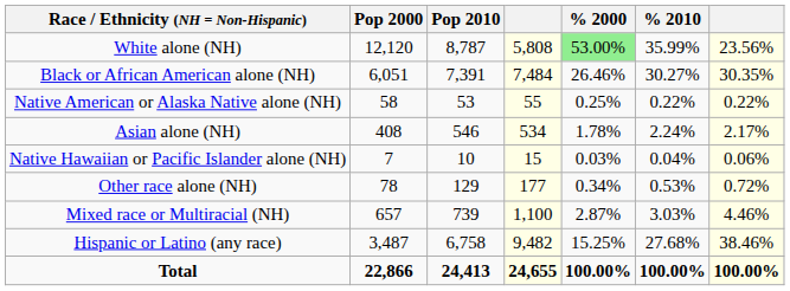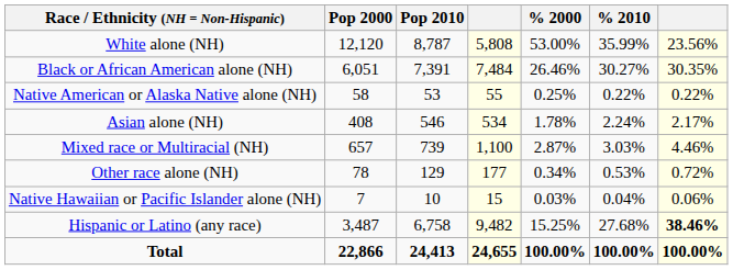 <table class="wikitable" style="text-align:center;">
 <tr>
 <th>Race / Ethnicity <small>(<em>NH = Non-Hispanic</em>)</small></th>
 <th>Pop 2000</th>
 <th>Pop 2010</th>
 <th></th>
 <th>% 2000</th>
 <th>% 2010</th>
 <th></th>
 </tr>
 <tr>
 <td><a href='#'>White</a> alone (NH)</td>
 <td>12,120</td>
 <td>8,787</td>
 <td style='background: #ffffe6;'>5,808</td>
-<td style="background: lightgreen;">53.00%</td>
+<td>53.00%</td>
 <td>35.99%</td>
 <td style='background: #ffffe6;'>23.56%</td>
 </tr>
 <tr>
 <td><a href='#'>Black or African American</a> alone (NH)</td>
 <td>6,051</td>
 <td>7,391</td>
 <td style='background: #ffffe6;'>7,484</td>
 <td>26.46%</td>
 <td>30.27%</td>
 <td style='background: #ffffe6;'>30.35%</td>
 </tr>
 <tr>
 <td><a href='#'>Native American</a> or <a href='#'>Alaska Native</a> alone (NH)</td>
 <td>58</td>
 <td>53</td>
 <td style='background: #ffffe6;'>55</td>
 <td>0.25%</td>
 <td>0.22%</td>
 <td style='background: #ffffe6;'>0.22%</td>
 </tr>
 <tr>
 <td><a href='#'>Asian</a> alone (NH)</td>
 <td>408</td>
 <td>546</td>
 <td style='background: #ffffe6;'>534</td>
 <td>1.78%</td>
 <td>2.24%</td>
 <td style='background: #ffffe6;'>2.17%</td>
 </tr>
 <tr>
-<td><a href='#'>Native Hawaiian</a> or <a href='#'>Pacific Islander</a> alone (NH)</td>
-<td>7</td>
-<td>10</td>
-<td style='background: #ffffe6;'>15</td>
-<td>0.03%</td>
-<td>0.04%</td>
-<td style='background: #ffffe6;'>0.06%</td>
+<td><a href='#'>Mixed race or Multiracial</a> (NH)</td>
+<td>657</td>
+<td>739</td>
+<td style='background: #ffffe6;'>1,100</td>
+<td>2.87%</td>
+<td>3.03%</td>
+<td style='background: #ffffe6;'>4.46%</td>
 </tr>
 <tr>
 <td><a href='#'>Other race</a> alone (NH)</td>
 <td>78</td>
 <td>129</td>
 <td style='background: #ffffe6;'>177</td>
 <td>0.34%</td>
 <td>0.53%</td>
 <td style='background: #ffffe6;'>0.72%</td>
 </tr>
 <tr>
-<td><a href='#'>Mixed race or Multiracial</a> (NH)</td>
-<td>657</td>
-<td>739</td>
-<td style='background: #ffffe6;'>1,100</td>
-<td>2.87%</td>
-<td>3.03%</td>
-<td style='background: #ffffe6;'>4.46%</td>
+<td><a href='#'>Native Hawaiian</a> or <a href='#'>Pacific Islander</a> alone (NH)</td>
+<td>7</td>
+<td>10</td>
+<td style='background: #ffffe6;'>15</td>
+<td>0.03%</td>
+<td>0.04%</td>
+<td style='background: #ffffe6;'>0.06%</td>
 </tr>
 <tr>
 <td><a href='#'>Hispanic or Latino</a> (any race)</td>
 <td>3,487</td>
 <td>6,758</td>
 <td style='background: #ffffe6;'>9,482</td>
 <td>15.25%</td>
 <td>27.68%</td>
-<td style='background: #ffffe6;'>38.46%</td>
+<td style='background: #ffffe6;'><strong>38.46%</strong></td>
 </tr>
 <tr>
 <td><strong>Total</strong></td>
 <td><strong>22,866</strong></td>
 <td><strong>24,413</strong></td>
 <td style='background: #ffffe6;'><strong>24,655</strong></td>
 <td><strong>100.00%</strong></td>
 <td><strong>100.00%</strong></td>
 <td style='background: #ffffe6;'><strong>100.00%</strong></td>
 </tr>
 </table>
